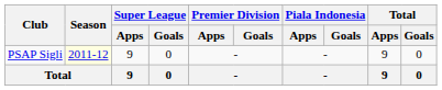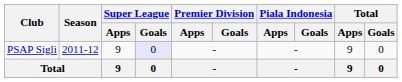 <table class="wikitable" style="font-size:90%; text-align:center;">
 <tr>
 <th rowspan="2">Club</th>
 <th rowspan="2">Season</th>
 <th colspan="2"><a href='#'>Super League</a></th>
 <th colspan="2"><a href='#'>Premier Division</a></th>
 <th colspan="2"><a href='#'>Piala Indonesia</a></th>
 <th colspan="2">Total</th>
 </tr>
 <tr>
 <th>Apps</th>
 <th>Goals</th>
 <th>Apps</th>
 <th>Goals</th>
 <th>Apps</th>
 <th>Goals</th>
 <th>Apps</th>
 <th>Goals</th>
 </tr>
 <tr>
 <td rowspan="1"><a href='#'>PSAP Sigli</a></td>
-<td style="background: lightyellow;"><a href='#'>2011-12</a></td>
+<td><a href='#'>2011-12</a></td>
 <td>9</td>
-<td>0</td>
+<td style="background: lavender;">0</td>
 <td colspan="2">-</td>
 <td colspan="2">-</td>
 <td>9</td>
 <td>0</td>
 </tr>
 <tr>
 <th colspan="2">Total</th>
 <th>9</th>
 <th>0</th>
 <th colspan="2">-</th>
 <th colspan="2">-</th>
 <th>9</th>
 <th>0</th>
 </tr>
 </table>
